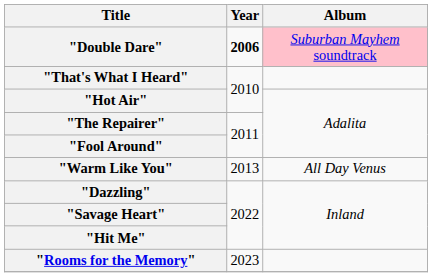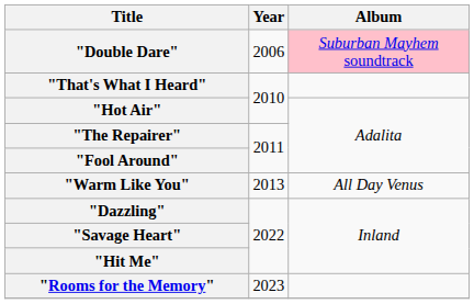 <table class="wikitable plainrowheaders" style="text-align:center;">
 <tr>
 <th scope="col" rowspan="1" style="width:15em;">Title</th>
 <th scope="col" rowspan="1" style="width:1em;">Year</th>
 <th scope="col" rowspan="1" style="width:11em;">Album</th>
 </tr>
 <tr>
 <th scope="row">"Double Dare"</th>
-<td><strong>2006</strong></td>
+<td>2006</td>
 <td style="background: pink;"><a href='#'><em>Suburban Mayhem</em> soundtrack</a></td>
 </tr>
 <tr>
 <th scope="row">"That's What I Heard" </th>
 <td rowspan="2">2010</td>
 <td></td>
 </tr>
 <tr>
 <th scope="row">"Hot Air"</th>
 <td rowspan="3"><em>Adalita</em></td>
 </tr>
 <tr>
 <th scope="row">"The Repairer"</th>
 <td rowspan="2">2011</td>
 </tr>
 <tr>
 <th scope="row">"Fool Around"</th>
 </tr>
 <tr>
 <th scope="row">"Warm Like You"</th>
 <td>2013</td>
 <td><em>All Day Venus</em></td>
 </tr>
 <tr>
 <th scope="row">"Dazzling"</th>
 <td rowspan="3">2022</td>
 <td rowspan="3"><em>Inland</em></td>
 </tr>
 <tr>
 <th scope="row">"Savage Heart"</th>
 </tr>
 <tr>
 <th scope="row">"Hit Me"</th>
 </tr>
 <tr>
 <th scope="row">"<a href='#'>Rooms for the Memory</a>"</th>
 <td>2023</td>
 <td></td>
 </tr>
 <tr>
 </tr>
 </table>
